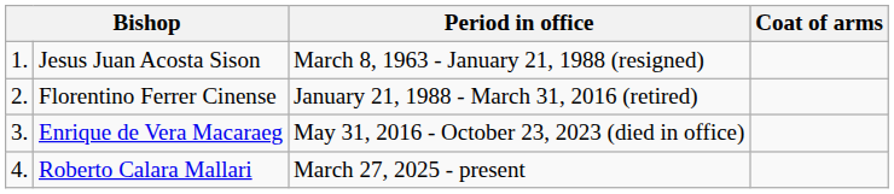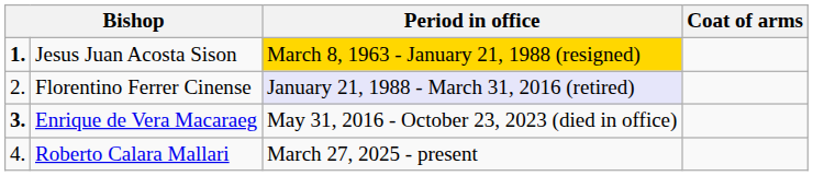 <table class="wikitable">
 <tr>
 <th colspan=2>Bishop</th>
 <th>Period in office</th>
 <th>Coat of arms</th>
 </tr>
 <tr>
-<td>1.</td>
+<td><strong>1.</strong></td>
 <td>Jesus Juan Acosta Sison</td>
-<td>March 8, 1963 - January 21, 1988 (resigned)</td>
+<td style="background: gold;">March 8, 1963 - January 21, 1988 (resigned)</td>
 <td></td>
 </tr>
 <tr>
 <td>2.</td>
 <td>Florentino Ferrer Cinense</td>
-<td>January 21, 1988 - March 31, 2016 (retired)</td>
+<td style="background: lavender;">January 21, 1988 - March 31, 2016 (retired)</td>
 <td></td>
 </tr>
 <tr>
-<td>3.</td>
+<td><strong>3.</strong></td>
 <td><a href='#'>Enrique de Vera Macaraeg</a></td>
 <td>May 31, 2016 - October 23, 2023 (died in office)</td>
 <td></td>
 </tr>
 <tr>
 <td>4.</td>
 <td><a href='#'>Roberto Calara Mallari</a></td>
 <td>March 27, 2025 - present</td>
 <td></td>
 </tr>
 </table>
